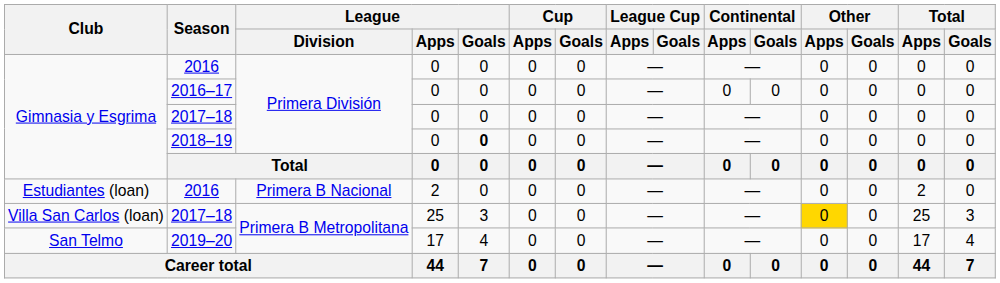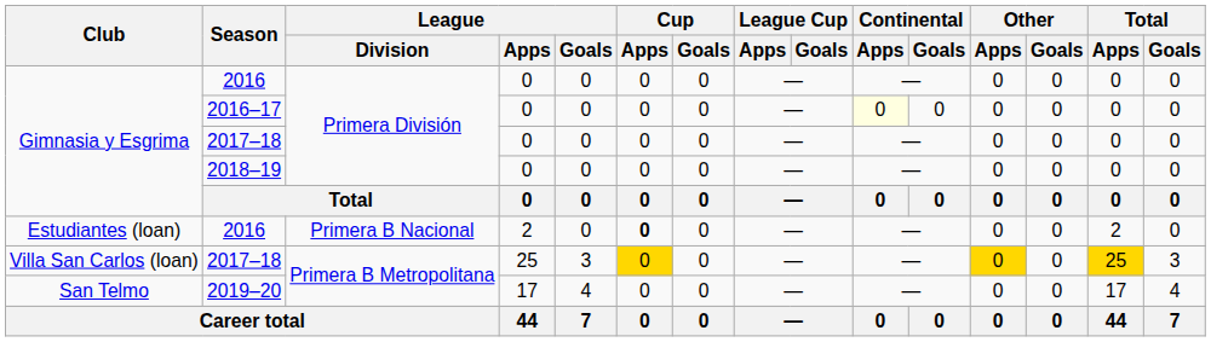 <table class="wikitable" style="text-align:center">
 <tr>
 <th rowspan="2">Club</th>
 <th rowspan="2">Season</th>
 <th colspan="3">League</th>
 <th colspan="2">Cup</th>
 <th colspan="2">League Cup</th>
 <th colspan="2">Continental</th>
 <th colspan="2">Other</th>
 <th colspan="2">Total</th>
 </tr>
 <tr>
 <th>Division</th>
 <th>Apps</th>
 <th>Goals</th>
 <th>Apps</th>
 <th>Goals</th>
 <th>Apps</th>
 <th>Goals</th>
 <th>Apps</th>
 <th>Goals</th>
 <th>Apps</th>
 <th>Goals</th>
 <th>Apps</th>
 <th>Goals</th>
 </tr>
 <tr>
 <td rowspan="5"><a href='#'>Gimnasia y Esgrima</a></td>
 <td><a href='#'>2016</a></td>
 <td rowspan="4"><a href='#'>Primera División</a></td>
 <td>0</td>
 <td>0</td>
 <td>0</td>
 <td>0</td>
 <td colspan="2">—</td>
 <td colspan="2">—</td>
 <td>0</td>
 <td>0</td>
 <td>0</td>
 <td>0</td>
 </tr>
 <tr>
 <td><a href='#'>2016–17</a></td>
 <td>0</td>
 <td>0</td>
 <td>0</td>
 <td>0</td>
 <td colspan="2">—</td>
-<td>0</td>
+<td style="background: lightyellow;">0</td>
 <td>0</td>
 <td>0</td>
 <td>0</td>
 <td>0</td>
 <td>0</td>
 </tr>
 <tr>
 <td><a href='#'>2017–18</a></td>
 <td>0</td>
 <td>0</td>
 <td>0</td>
 <td>0</td>
 <td colspan="2">—</td>
 <td colspan="2">—</td>
 <td>0</td>
 <td>0</td>
 <td>0</td>
 <td>0</td>
 </tr>
 <tr>
 <td><a href='#'>2018–19</a></td>
 <td>0</td>
-<td><strong>0</strong></td>
+<td>0</td>
 <td>0</td>
 <td>0</td>
 <td colspan="2">—</td>
 <td colspan="2">—</td>
 <td>0</td>
 <td>0</td>
 <td>0</td>
 <td>0</td>
 </tr>
 <tr>
 <th colspan="2">Total</th>
 <th>0</th>
 <th>0</th>
 <th>0</th>
 <th>0</th>
 <th colspan="2">—</th>
 <th>0</th>
 <th>0</th>
 <th>0</th>
 <th>0</th>
 <th>0</th>
 <th>0</th>
 </tr>
 <tr>
 <td rowspan="1"><a href='#'>Estudiantes</a> (loan)</td>
 <td><a href='#'>2016</a></td>
 <td rowspan="1"><a href='#'>Primera B Nacional</a></td>
 <td>2</td>
 <td>0</td>
-<td>0</td>
+<td><strong>0</strong></td>
 <td>0</td>
 <td colspan="2">—</td>
 <td colspan="2">—</td>
 <td>0</td>
 <td>0</td>
 <td>2</td>
 <td>0</td>
 </tr>
 <tr>
 <td rowspan="1"><a href='#'>Villa San Carlos</a> (loan)</td>
 <td><a href='#'>2017–18</a></td>
 <td rowspan="2"><a href='#'>Primera B Metropolitana</a></td>
 <td>25</td>
 <td>3</td>
-<td>0</td>
+<td style="background: gold;">0</td>
 <td>0</td>
 <td colspan="2">—</td>
 <td colspan="2">—</td>
 <td style="background: gold;">0</td>
 <td>0</td>
-<td>25</td>
+<td style="background: gold;">25</td>
 <td>3</td>
 </tr>
 <tr>
 <td rowspan="1"><a href='#'>San Telmo</a></td>
 <td><a href='#'>2019–20</a></td>
 <td>17</td>
 <td>4</td>
 <td>0</td>
 <td>0</td>
 <td colspan="2">—</td>
 <td colspan="2">—</td>
 <td>0</td>
 <td>0</td>
 <td>17</td>
 <td>4</td>
 </tr>
 <tr>
 <th colspan="3">Career total</th>
 <th>44</th>
 <th>7</th>
 <th>0</th>
 <th>0</th>
 <th colspan="2">—</th>
 <th>0</th>
 <th>0</th>
 <th>0</th>
 <th>0</th>
 <th>44</th>
 <th>7</th>
 </tr>
 </table>
